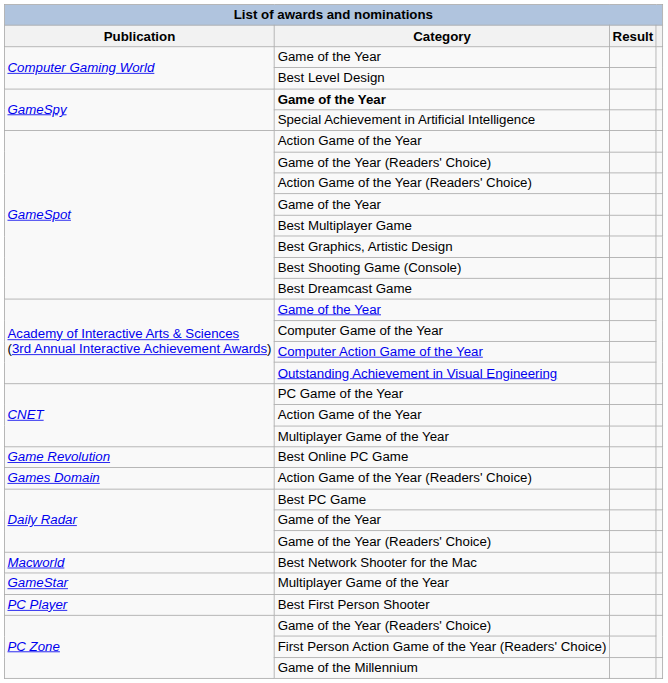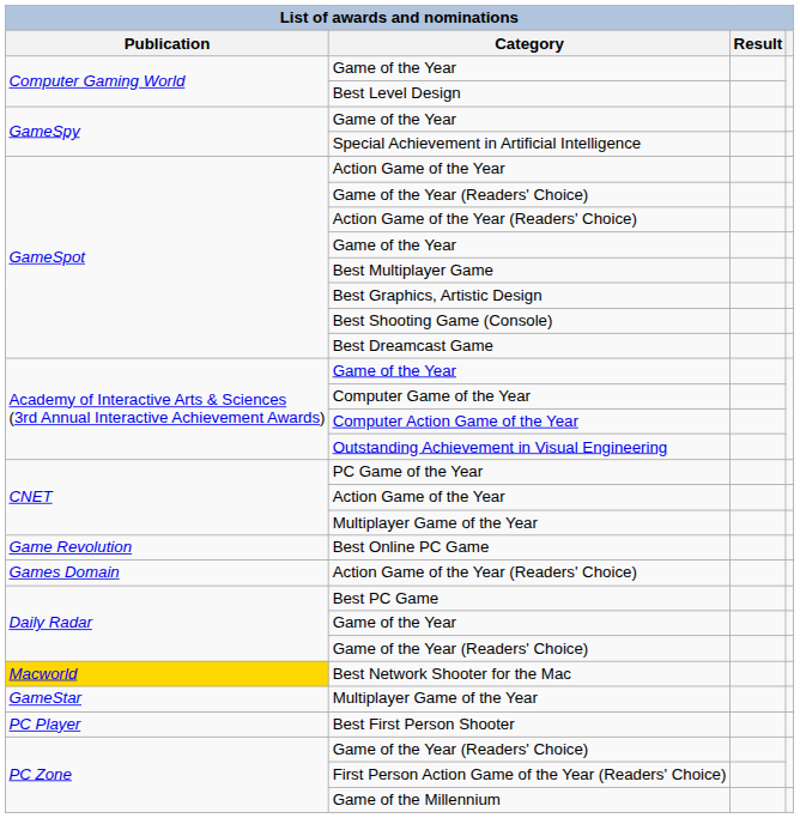 <table class="wikitable">
 <tr>
 <th colspan="6" style="background: LightSteelBlue;">List of awards and nominations</th>
 </tr>
 <tr>
 <th>Publication</th>
 <th>Category</th>
 <th>Result</th>
 <th class="unsortable"></th>
 </tr>
 <tr>
 <td rowspan="2"><em><a href='#'>Computer Gaming World</a></em></td>
 <td>Game of the Year</td>
 <td></td>
 <td rowspan="2" style="text-align:center;"></td>
 </tr>
 <tr>
 <td>Best Level Design</td>
 <td></td>
 </tr>
 <tr>
 <td rowspan="2"><em><a href='#'>GameSpy</a></em></td>
-<td><strong>Game of the Year</strong></td>
+<td>Game of the Year</td>
 <td></td>
 <td style="text-align:center;"></td>
 </tr>
 <tr>
 <td>Special Achievement in Artificial Intelligence</td>
 <td></td>
 <td style="text-align:center;"></td>
 </tr>
 <tr>
 <td rowspan="8"><em><a href='#'>GameSpot</a></em></td>
 <td>Action Game of the Year</td>
 <td></td>
 <td style="text-align:center;"></td>
 </tr>
 <tr>
 <td>Game of the Year (Readers' Choice)</td>
 <td></td>
 <td style="text-align:center;"></td>
 </tr>
 <tr>
 <td>Action Game of the Year (Readers' Choice)</td>
 <td></td>
 <td style="text-align:center;"></td>
 </tr>
 <tr>
 <td>Game of the Year</td>
 <td></td>
 <td style="text-align:center;"></td>
 </tr>
 <tr>
 <td>Best Multiplayer Game</td>
 <td></td>
 <td style="text-align:center;"></td>
 </tr>
 <tr>
 <td>Best Graphics, Artistic Design</td>
 <td></td>
 <td style="text-align:center;"></td>
 </tr>
 <tr>
 <td>Best Shooting Game (Console)</td>
 <td></td>
 <td style="text-align:center;"></td>
 </tr>
 <tr>
 <td>Best Dreamcast Game</td>
 <td></td>
 <td style="text-align:center;"></td>
 </tr>
 <tr>
 <td rowspan="4"><a href='#'>Academy of Interactive Arts & Sciences</a><br>(<a href='#'>3rd Annual Interactive Achievement Awards</a>)</td>
 <td><a href='#'>Game of the Year</a></td>
 <td></td>
 <td rowspan="4" style="text-align:center;"></td>
 </tr>
 <tr>
 <td>Computer Game of the Year</td>
 <td></td>
 </tr>
 <tr>
 <td><a href='#'>Computer Action Game of the Year</a></td>
 <td></td>
 </tr>
 <tr>
 <td><a href='#'>Outstanding Achievement in Visual Engineering</a></td>
 <td></td>
 </tr>
 <tr>
 <td rowspan="3"><em><a href='#'>CNET</a></em></td>
 <td>PC Game of the Year</td>
 <td></td>
 <td style="text-align:center;"></td>
 </tr>
 <tr>
 <td>Action Game of the Year</td>
 <td></td>
 <td style="text-align:center;"></td>
 </tr>
 <tr>
 <td>Multiplayer Game of the Year</td>
 <td></td>
 <td style="text-align:center;"></td>
 </tr>
 <tr>
 <td rowspan="1"><em><a href='#'>Game Revolution</a></em></td>
 <td>Best Online PC Game</td>
 <td></td>
 <td style="text-align:center;"></td>
 </tr>
 <tr>
 <td rowspan="1"><em><a href='#'>Games Domain</a></em></td>
 <td>Action Game of the Year (Readers' Choice)</td>
 <td></td>
 <td style="text-align:center;"></td>
 </tr>
 <tr>
 <td rowspan="3"><em><a href='#'>Daily Radar</a></em></td>
 <td>Best PC Game</td>
 <td></td>
 <td style="text-align:center;"></td>
 </tr>
 <tr>
 <td>Game of the Year</td>
 <td></td>
 <td style="text-align:center;"></td>
 </tr>
 <tr>
 <td>Game of the Year (Readers' Choice)</td>
 <td></td>
 <td style="text-align:center;"></td>
 </tr>
 <tr>
-<td rowspan="1"><em><a href='#'>Macworld</a></em></td>
+<td rowspan="1" style="background: gold;"><em><a href='#'>Macworld</a></em></td>
 <td>Best Network Shooter for the Mac</td>
 <td></td>
 <td style="text-align:center;"></td>
 </tr>
 <tr>
 <td rowspan="1"><em><a href='#'>GameStar</a></em></td>
 <td>Multiplayer Game of the Year</td>
 <td></td>
 <td style="text-align:center;"></td>
 </tr>
 <tr>
 <td rowspan="1"><em><a href='#'>PC Player</a></em></td>
 <td>Best First Person Shooter</td>
 <td></td>
 <td style="text-align:center;"></td>
 </tr>
 <tr>
 <td rowspan="3"><em><a href='#'>PC Zone</a></em></td>
 <td>Game of the Year (Readers' Choice)</td>
 <td></td>
 <td rowspan="2" style="text-align:center;"></td>
 </tr>
 <tr>
 <td>First Person Action Game of the Year (Readers' Choice)</td>
 <td></td>
 </tr>
 <tr>
 <td>Game of the Millennium</td>
 <td></td>
 <td rowspan="1" style="text-align:center;"></td>
 </tr>
 </table>
